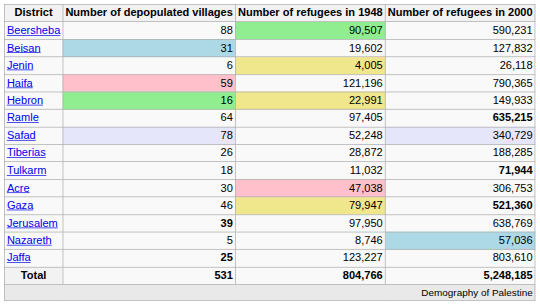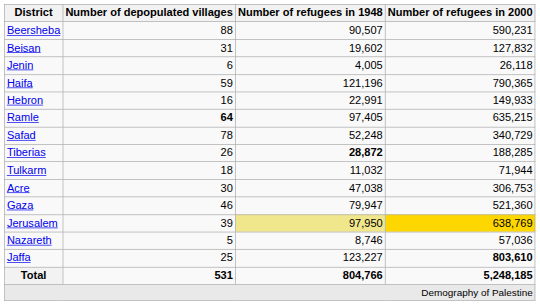 <table class="wikitable" style="text-align:right;">
 <tr style="background: #E9E9E9">
 <th>District</th>
 <th>Number of depopulated villages</th>
 <th>Number of refugees in 1948</th>
 <th>Number of refugees in 2000</th>
 </tr>
 <tr>
 <td style="text-align:left;"><a href='#'>Beersheba</a></td>
 <td align="right">88</td>
-<td style="background: lightgreen;">90,507</td>
+<td>90,507</td>
 <td>590,231</td>
 </tr>
 <tr>
 <td style="text-align:left;"><a href='#'>Beisan</a></td>
-<td align="right" style="background: lightblue;">31</td>
+<td align="right">31</td>
 <td>19,602</td>
 <td>127,832</td>
 </tr>
 <tr>
 <td style="text-align:left;"><a href='#'>Jenin</a></td>
 <td align="right">6</td>
-<td style="background: khaki;">4,005</td>
+<td>4,005</td>
 <td>26,118</td>
 </tr>
 <tr>
 <td style="text-align:left;"><a href='#'>Haifa</a></td>
-<td align="right" style="background: pink;">59</td>
+<td align="right">59</td>
 <td>121,196</td>
 <td>790,365</td>
 </tr>
 <tr>
 <td style="text-align:left;"><a href='#'>Hebron</a></td>
-<td align="right" style="background: lightgreen;">16</td>
-<td style="background: khaki;">22,991</td>
+<td align="right">16</td>
+<td>22,991</td>
 <td>149,933</td>
 </tr>
 <tr>
 <td style="text-align:left;"><a href='#'>Ramle</a></td>
-<td align="right">64</td>
+<td align="right"><strong>64</strong></td>
 <td>97,405</td>
-<td><strong>635,215</strong></td>
+<td>635,215</td>
 </tr>
 <tr>
 <td style="text-align:left;"><a href='#'>Safad</a></td>
-<td align="right" style="background: lavender;">78</td>
+<td align="right">78</td>
 <td>52,248</td>
-<td style="background: lavender;">340,729</td>
+<td>340,729</td>
 </tr>
 <tr>
 <td style="text-align:left;"><a href='#'>Tiberias</a></td>
 <td align="right">26</td>
-<td>28,872</td>
+<td><strong>28,872</strong></td>
 <td>188,285</td>
 </tr>
 <tr>
 <td style="text-align:left;"><a href='#'>Tulkarm</a></td>
 <td align="right">18</td>
 <td>11,032</td>
-<td><strong>71,944</strong></td>
+<td>71,944</td>
 </tr>
 <tr>
 <td style="text-align:left;"><a href='#'>Acre</a></td>
 <td align="right">30</td>
-<td style="background: pink;">47,038</td>
+<td>47,038</td>
 <td>306,753</td>
 </tr>
 <tr>
 <td style="text-align:left;"><a href='#'>Gaza</a></td>
 <td align="right">46</td>
-<td style="background: khaki;">79,947</td>
-<td><strong>521,360</strong></td>
+<td>79,947</td>
+<td>521,360</td>
 </tr>
 <tr>
 <td style="text-align:left;"><a href='#'>Jerusalem</a></td>
-<td align="right"><strong>39</strong></td>
-<td>97,950</td>
-<td>638,769</td>
+<td align="right">39</td>
+<td style="background: khaki;">97,950</td>
+<td style="background: gold;">638,769</td>
 </tr>
 <tr>
 <td style="text-align:left;"><a href='#'>Nazareth</a></td>
 <td align="right">5</td>
 <td>8,746</td>
-<td style="background: lightblue;">57,036</td>
+<td>57,036</td>
 </tr>
 <tr>
 <td style="text-align:left;"><a href='#'>Jaffa</a></td>
-<td align="right"><strong>25</strong></td>
+<td align="right">25</td>
 <td>123,227</td>
-<td>803,610</td>
+<td><strong>803,610</strong></td>
 </tr>
 <tr>
 <th style="text-align:center;">Total</th>
 <td><strong>531</strong></td>
 <td><strong>804,766</strong></td>
 <td><strong>5,248,185</strong></td>
 </tr>
 <tr>
 <td colspan="7" style="background:#e9e9e9;font-size:90%;">Demography of Palestine</td>
 </tr>
 </table>
